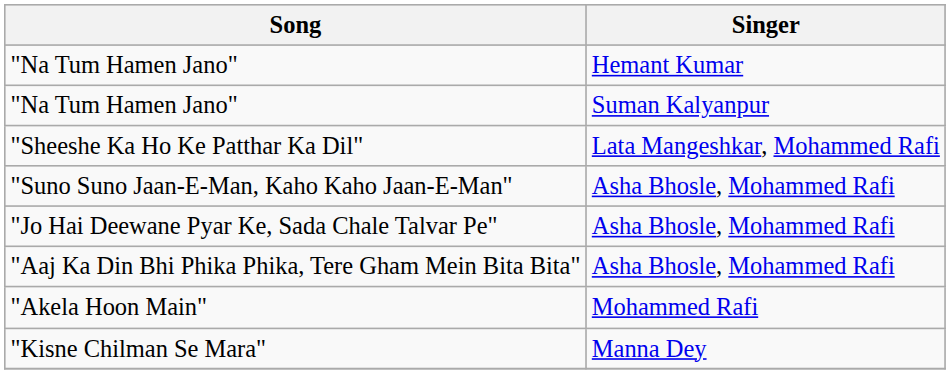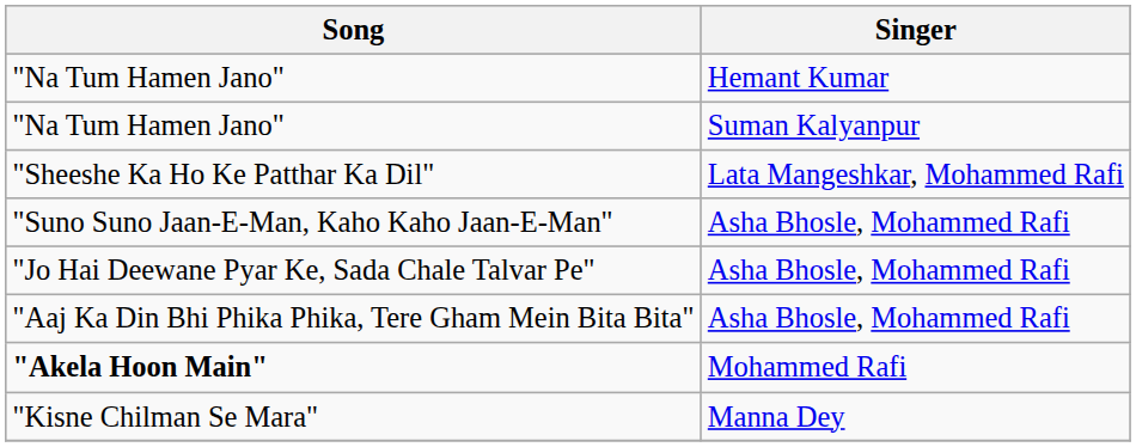 <table class="wikitable" style="font-size:95%;">
 <tr>
 <th>Song</th>
 <th>Singer</th>
 </tr>
 <tr>
 <td>"Na Tum Hamen Jano"</td>
 <td><a href='#'>Hemant Kumar</a></td>
 </tr>
 <tr>
 <td>"Na Tum Hamen Jano"</td>
 <td><a href='#'>Suman Kalyanpur</a></td>
 </tr>
 <tr>
 <td>"Sheeshe Ka Ho Ke Patthar Ka Dil"</td>
 <td><a href='#'>Lata Mangeshkar</a>, <a href='#'>Mohammed Rafi</a></td>
 </tr>
 <tr>
 <td>"Suno Suno Jaan-E-Man, Kaho Kaho Jaan-E-Man"</td>
 <td><a href='#'>Asha Bhosle</a>, <a href='#'>Mohammed Rafi</a></td>
 </tr>
 <tr>
 <td>"Jo Hai Deewane Pyar Ke, Sada Chale Talvar Pe"</td>
 <td><a href='#'>Asha Bhosle</a>, <a href='#'>Mohammed Rafi</a></td>
 </tr>
 <tr>
 <td>"Aaj Ka Din Bhi Phika Phika, Tere Gham Mein Bita Bita"</td>
 <td><a href='#'>Asha Bhosle</a>, <a href='#'>Mohammed Rafi</a></td>
 </tr>
 <tr>
-<td>"Akela Hoon Main"</td>
+<td><strong>"Akela Hoon Main"</strong></td>
 <td><a href='#'>Mohammed Rafi</a></td>
 </tr>
 <tr>
 <td>"Kisne Chilman Se Mara"</td>
 <td><a href='#'>Manna Dey</a></td>
 </tr>
 <tr>
 </tr>
 </table>
